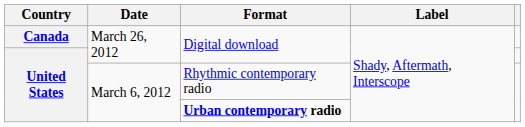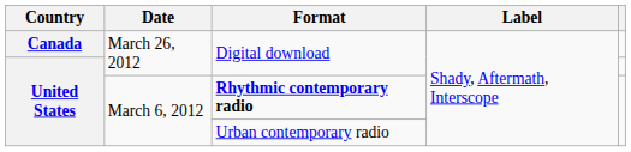 <table class="wikitable plainrowheaders">
 <tr>
 <th scope="col">Country</th>
 <th scope="col">Date</th>
 <th scope="col">Format</th>
 <th scope="col">Label</th>
 <th scope="col"></th>
 </tr>
 <tr>
 <th scope="row"><a href='#'>Canada</a></th>
 <td rowspan="2">March 26, 2012</td>
 <td rowspan="2"><a href='#'>Digital download</a></td>
 <td rowspan="4"><a href='#'>Shady</a>, <a href='#'>Aftermath</a>, <a href='#'>Interscope</a></td>
 <td></td>
 </tr>
 <tr>
 <th rowspan="3" scope="row"><a href='#'>United States</a></th>
 <td></td>
 </tr>
 <tr>
 <td rowspan="2">March 6, 2012</td>
-<td><a href='#'>Rhythmic contemporary</a> radio</td>
+<td><strong><a href='#'>Rhythmic contemporary</a> radio</strong></td>
 </tr>
 <tr>
-<td><strong><a href='#'>Urban contemporary</a> radio</strong></td>
+<td><a href='#'>Urban contemporary</a> radio</td>
 </tr>
 </table>
